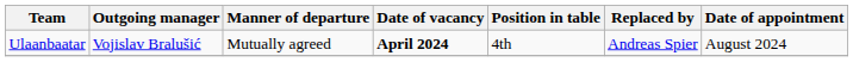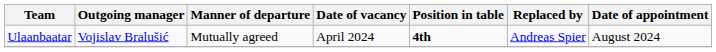 <table class="wikitable">
 <tr>
 <th>Team</th>
 <th>Outgoing manager</th>
 <th>Manner of departure</th>
 <th>Date of vacancy</th>
 <th>Position in table</th>
 <th>Replaced by</th>
 <th>Date of appointment</th>
 </tr>
 <tr>
 <td><a href='#'>Ulaanbaatar</a></td>
 <td> <a href='#'>Vojislav Bralušić</a></td>
 <td>Mutually agreed</td>
-<td><strong>April 2024</strong></td>
-<td>4th</td>
+<td>April 2024</td>
+<td><strong>4th</strong></td>
 <td> <a href='#'>Andreas Spier</a></td>
 <td>August 2024</td>
 </tr>
 <tr>
 </tr>
 </table>
